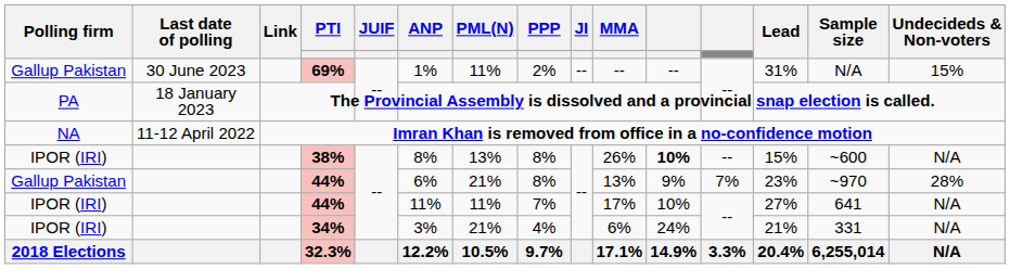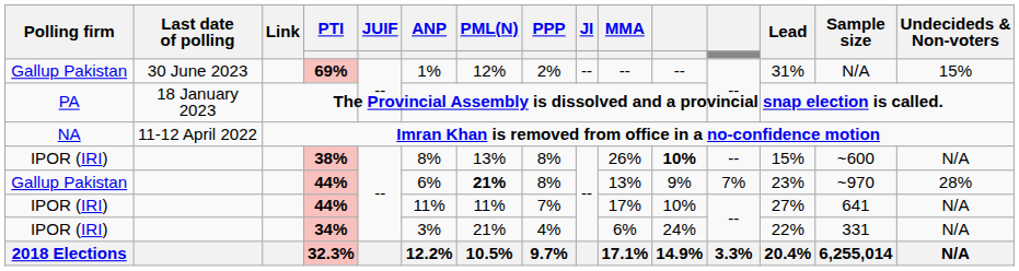 <table class="wikitable sortable" style="text-align:center;font-size:90%;line-height:14px">
 <tr style="height:40px;">
 <th style="width:105px;" rowspan="2">Polling firm</th>
 <th style="width:105px;" rowspan="2">Last date<br>of polling</th>
 <th rowspan="2">Link</th>
 <th class="unsortable" style="width:40px;"><a href='#'>PTI</a></th>
 <th><a href='#'>JUIF</a></th>
 <th class="unsortable" style="width:40px;"><a href='#'>ANP</a></th>
 <th class="unsortable" style="width:40px;"><a href='#'>PML(N)</a></th>
 <th class="unsortable" style="width:40px;"><a href='#'>PPP</a></th>
 <th><a href='#'>JI</a></th>
 <th class="unsortable" style="width:40px;"><a href='#'>MMA</a></th>
 <th class="unsortable" style="width:40px;"><a href='#'></a></th>
 <th class="unsortable" style="width:40px;"><a href='#'></a></th>
 <th rowspan="2">Lead</th>
 <th rowspan="2">Sample<br>size</th>
 <th rowspan="2">Undecideds &<br>Non-voters</th>
 </tr>
 <tr>
 <th style="background:"></th>
 <th></th>
 <th style="background:"></th>
 <th style="background:"></th>
 <th style="background:"></th>
 <th></th>
 <th style="background:"></th>
 <th style="background:"></th>
 <th style="background:#888888;" data-sort-type="number"></th>
 </tr>
 <tr>
 <td><a href='#'>Gallup Pakistan</a></td>
 <td>30 June 2023</td>
 <td></td>
 <td style="background:rgb(248, 193, 190)"><strong>69%</strong></td>
 <td rowspan="2">--</td>
 <td>1%</td>
-<td>11%</td>
+<td>12%</td>
 <td>2%</td>
 <td>--</td>
 <td>--</td>
 <td>--</td>
 <td rowspan="2">--</td>
 <td style="background:"><span>31%</span></td>
 <td>N/A</td>
 <td>15%</td>
 </tr>
 <tr>
 <td><a href='#'>PA</a></td>
 <td>18 January 2023</td>
 <td colspan="13"><strong>The <a href='#'>Provincial Assembly</a> is dissolved and a provincial <a href='#'>snap election</a> is called.</strong></td>
 </tr>
 <tr>
 <td rowspan="1"><a href='#'>NA</a></td>
 <td data-sort-value="2022-04-11">11-12 April 2022</td>
 <td colspan="13"><strong><a href='#'>Imran Khan</a> is removed from office in a <a href='#'>no-confidence motion</a></strong></td>
 </tr>
 <tr>
 <td>IPOR (<a href='#'>IRI</a>)</td>
 <td></td>
 <td></td>
 <td style="background:rgb(248, 193, 190)"><strong>38%</strong></td>
 <td rowspan="4">--</td>
 <td>8%</td>
 <td>13%</td>
 <td>8%</td>
 <td rowspan="4">--</td>
 <td>26%</td>
 <td><strong>10%</strong></td>
 <td>--</td>
 <td style="background:"><span>15%</span></td>
 <td>~600</td>
 <td>N/A</td>
 </tr>
 <tr>
 <td><a href='#'>Gallup Pakistan</a></td>
 <td></td>
 <td></td>
 <td style="background:rgb(248, 193, 190)"><strong>44%</strong></td>
 <td>6%</td>
-<td>21%</td>
+<td><strong>21%</strong></td>
 <td>8%</td>
 <td>13%</td>
 <td>9%</td>
 <td>7%</td>
 <td style="background:"><span>23%</span></td>
 <td>~970</td>
 <td>28%</td>
 </tr>
 <tr>
 <td>IPOR (<a href='#'>IRI</a>)</td>
 <td></td>
 <td></td>
 <td style="background:rgb(248, 193, 190)"><strong>44%</strong></td>
 <td>11%</td>
 <td>11%</td>
 <td>7%</td>
 <td>17%</td>
 <td>10%</td>
 <td rowspan="2">--</td>
 <td style="background:"><span>27%</span></td>
 <td>641</td>
 <td>N/A</td>
 </tr>
 <tr>
 <td>IPOR (<a href='#'>IRI</a>)</td>
 <td></td>
 <td></td>
 <td style="background:rgb(248, 193, 190)"><strong>34%</strong></td>
 <td>3%</td>
 <td>21%</td>
 <td>4%</td>
 <td>6%</td>
 <td>24%</td>
-<td style="background:"><span>21%</span></td>
+<td style="background:"><span>22%</span></td>
 <td>331</td>
 <td>N/A</td>
 </tr>
 <tr>
 <th><a href='#'>2018 Elections</a></th>
 <th></th>
 <th></th>
 <th style="background:rgb(248, 193, 190)"><strong>32.3%</strong></th>
 <th></th>
 <th>12.2%</th>
 <th>10.5%</th>
 <th>9.7%</th>
 <th></th>
 <th>17.1%</th>
 <th>14.9%</th>
 <th>3.3%</th>
 <th style="background:"><span>20.4%</span></th>
 <th>6,255,014</th>
 <th>N/A</th>
 </tr>
 </table>
